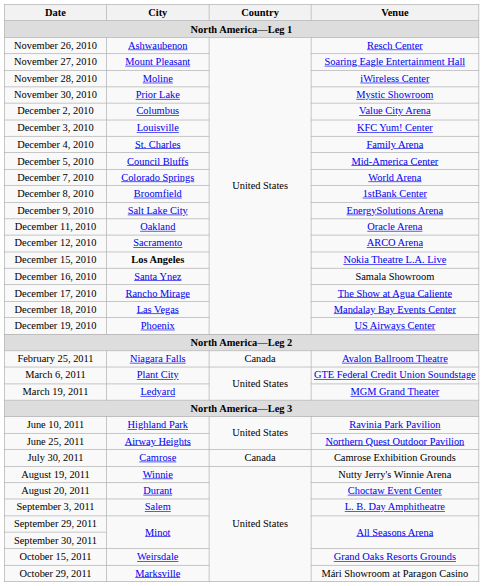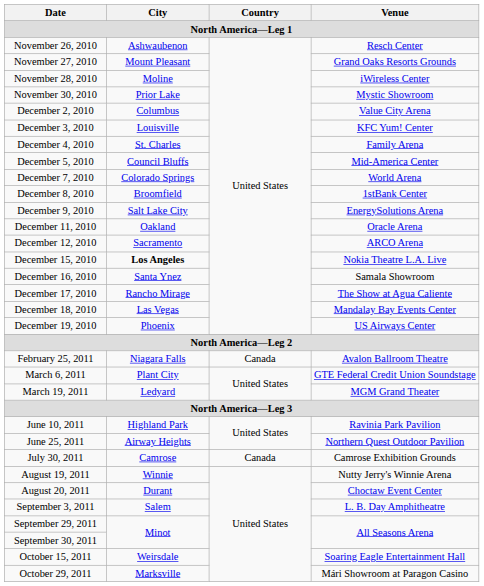 <table class="wikitable" style="text-align:center;">
 <tr>
 <th width="150">Date</th>
 <th width="150">City</th>
 <th width="150">Country</th>
 <th width="250">Venue</th>
 </tr>
 <tr bgcolor="#DDDDDD">
 <td colspan=4><strong>North America—Leg 1</strong></td>
 </tr>
 <tr>
 <td>November 26, 2010</td>
 <td><a href='#'>Ashwaubenon</a></td>
 <td rowspan="18">United States</td>
 <td><a href='#'>Resch Center</a></td>
 </tr>
 <tr>
 <td>November 27, 2010</td>
 <td><a href='#'>Mount Pleasant</a></td>
-<td><a href='#'>Soaring Eagle Entertainment Hall</a></td>
+<td><a href='#'>Grand Oaks Resorts Grounds</a></td>
 </tr>
 <tr>
 <td>November 28, 2010</td>
 <td><a href='#'>Moline</a></td>
 <td><a href='#'>iWireless Center</a></td>
 </tr>
 <tr>
 <td>November 30, 2010</td>
 <td><a href='#'>Prior Lake</a></td>
 <td><a href='#'>Mystic Showroom</a></td>
 </tr>
 <tr>
 <td>December 2, 2010</td>
 <td><a href='#'>Columbus</a></td>
 <td><a href='#'>Value City Arena</a></td>
 </tr>
 <tr>
 <td>December 3, 2010</td>
 <td><a href='#'>Louisville</a></td>
 <td><a href='#'>KFC Yum! Center</a></td>
 </tr>
 <tr>
 <td>December 4, 2010</td>
 <td><a href='#'>St. Charles</a></td>
 <td><a href='#'>Family Arena</a></td>
 </tr>
 <tr>
 <td>December 5, 2010</td>
 <td><a href='#'>Council Bluffs</a></td>
 <td><a href='#'>Mid-America Center</a></td>
 </tr>
 <tr>
 <td>December 7, 2010</td>
 <td><a href='#'>Colorado Springs</a></td>
 <td><a href='#'>World Arena</a></td>
 </tr>
 <tr>
 <td>December 8, 2010</td>
 <td><a href='#'>Broomfield</a></td>
 <td><a href='#'>1stBank Center</a></td>
 </tr>
 <tr>
 <td>December 9, 2010</td>
 <td><a href='#'>Salt Lake City</a></td>
 <td><a href='#'>EnergySolutions Arena</a></td>
 </tr>
 <tr>
 <td>December 11, 2010</td>
 <td><a href='#'>Oakland</a></td>
 <td><a href='#'>Oracle Arena</a></td>
 </tr>
 <tr>
 <td>December 12, 2010</td>
 <td><a href='#'>Sacramento</a></td>
 <td><a href='#'>ARCO Arena</a></td>
 </tr>
 <tr>
 <td>December 15, 2010</td>
 <td><strong>Los Angeles</strong></td>
 <td><a href='#'>Nokia Theatre L.A. Live</a></td>
 </tr>
 <tr>
 <td>December 16, 2010</td>
 <td><a href='#'>Santa Ynez</a></td>
 <td>Samala Showroom</td>
 </tr>
 <tr>
 <td>December 17, 2010</td>
 <td><a href='#'>Rancho Mirage</a></td>
 <td><a href='#'>The Show at Agua Caliente</a></td>
 </tr>
 <tr>
 <td>December 18, 2010</td>
 <td><a href='#'>Las Vegas</a></td>
 <td><a href='#'>Mandalay Bay Events Center</a></td>
 </tr>
 <tr>
 <td>December 19, 2010</td>
 <td><a href='#'>Phoenix</a></td>
 <td><a href='#'>US Airways Center</a></td>
 </tr>
 <tr bgcolor="#DDDDDD">
 <td colspan=5><strong>North America—Leg 2</strong></td>
 </tr>
 <tr>
 <td>February 25, 2011</td>
 <td><a href='#'>Niagara Falls</a></td>
 <td>Canada</td>
 <td><a href='#'>Avalon Ballroom Theatre</a></td>
 </tr>
 <tr>
 <td>March 6, 2011</td>
 <td><a href='#'>Plant City</a></td>
 <td rowspan="2">United States</td>
 <td><a href='#'>GTE Federal Credit Union Soundstage</a></td>
 </tr>
 <tr>
 <td>March 19, 2011</td>
 <td><a href='#'>Ledyard</a></td>
 <td><a href='#'>MGM Grand Theater</a></td>
 </tr>
 <tr bgcolor="#DDDDDD">
 <td colspan=4><strong>North America—Leg 3</strong></td>
 </tr>
 <tr>
 <td>June 10, 2011</td>
 <td><a href='#'>Highland Park</a></td>
 <td rowspan="2">United States</td>
 <td><a href='#'>Ravinia Park Pavilion</a></td>
 </tr>
 <tr>
 <td>June 25, 2011</td>
 <td><a href='#'>Airway Heights</a></td>
 <td><a href='#'>Northern Quest Outdoor Pavilion</a></td>
 </tr>
 <tr>
 <td>July 30, 2011</td>
 <td><a href='#'>Camrose</a></td>
 <td>Canada</td>
 <td>Camrose Exhibition Grounds</td>
 </tr>
 <tr>
 <td>August 19, 2011</td>
 <td><a href='#'>Winnie</a></td>
 <td rowspan="7">United States</td>
 <td>Nutty Jerry's Winnie Arena</td>
 </tr>
 <tr>
 <td>August 20, 2011</td>
 <td><a href='#'>Durant</a></td>
 <td><a href='#'>Choctaw Event Center</a></td>
 </tr>
 <tr>
 <td>September 3, 2011</td>
 <td><a href='#'>Salem</a></td>
 <td><a href='#'>L. B. Day Amphitheatre</a></td>
 </tr>
 <tr>
 <td>September 29, 2011</td>
 <td rowspan="2"><a href='#'>Minot</a></td>
 <td rowspan="2"><a href='#'>All Seasons Arena</a></td>
 </tr>
 <tr>
 <td>September 30, 2011</td>
 </tr>
 <tr>
 <td>October 15, 2011</td>
 <td><a href='#'>Weirsdale</a></td>
-<td><a href='#'>Grand Oaks Resorts Grounds</a></td>
+<td><a href='#'>Soaring Eagle Entertainment Hall</a></td>
 </tr>
 <tr>
 <td>October 29, 2011</td>
 <td><a href='#'>Marksville</a></td>
 <td>Mári Showroom at Paragon Casino</td>
 </tr>
 </table>
